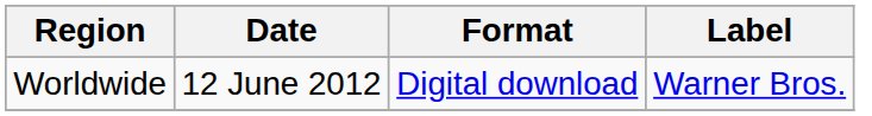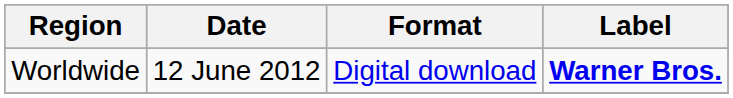 <table class="wikitable plainrowheaders">
 <tr>
 <th scope="col">Region</th>
 <th scope="col">Date</th>
 <th scope="col">Format</th>
 <th scope="col">Label</th>
 </tr>
 <tr>
 <td>Worldwide</td>
 <td>12 June 2012</td>
 <td><a href='#'>Digital download</a></td>
-<td><a href='#'>Warner Bros.</a></td>
+<td><strong><a href='#'>Warner Bros.</a></strong></td>
 </tr>
 <tr>
 </tr>
 </table>
